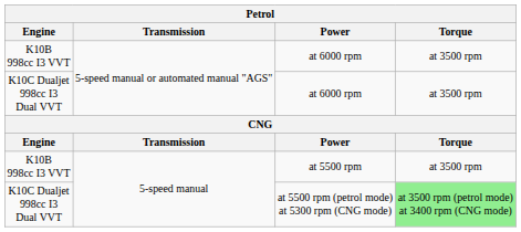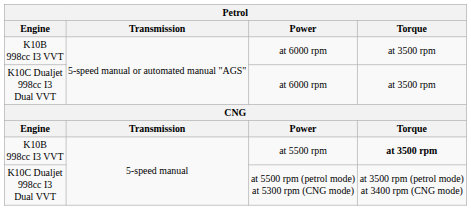 <table class="wikitable" style="text-align:center; font-size:95%;">
 <tr>
 <th colspan=4>Petrol</th>
 </tr>
 <tr>
 <th>Engine</th>
 <th>Transmission</th>
 <th>Power</th>
 <th>Torque</th>
 </tr>
 <tr>
 <td>K10B<br>998cc I3 VVT</td>
 <td rowspan=2>5-speed manual or automated manual "AGS"</td>
 <td> at 6000 rpm</td>
 <td> at 3500 rpm</td>
 </tr>
 <tr>
 <td>K10C Dualjet<br>998cc I3<br>Dual VVT</td>
 <td> at 6000 rpm</td>
 <td> at 3500 rpm</td>
 </tr>
 <tr>
 <th colspan=4>CNG</th>
 </tr>
 <tr>
 <th>Engine</th>
 <th>Transmission</th>
 <th>Power</th>
 <th>Torque</th>
 </tr>
 <tr>
 <td>K10B<br>998cc I3 VVT</td>
 <td rowspan=2>5-speed manual</td>
 <td> at 5500 rpm</td>
-<td> at 3500 rpm</td>
+<td><strong> at 3500 rpm</strong></td>
 </tr>
 <tr>
 <td>K10C Dualjet<br>998cc I3<br>Dual VVT</td>
 <td> at 5500 rpm (petrol mode)<br> at 5300 rpm (CNG mode)<br></td>
-<td style="background: lightgreen;"> at 3500 rpm (petrol mode)<br> at 3400 rpm (CNG mode)</td>
+<td> at 3500 rpm (petrol mode)<br> at 3400 rpm (CNG mode)</td>
 </tr>
 </table>
